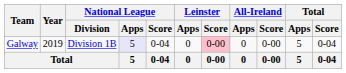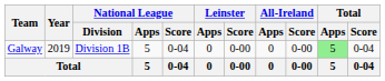 <table class="wikitable" style="text-align:center">
 <tr>
 <th rowspan="2">Team</th>
 <th rowspan="2">Year</th>
 <th colspan="3"><a href='#'>National League</a></th>
 <th colspan="2"><a href='#'>Leinster</a></th>
 <th colspan="2"><a href='#'>All-Ireland</a></th>
 <th colspan="2">Total</th>
 </tr>
 <tr>
 <th>Division</th>
 <th>Apps</th>
 <th>Score</th>
 <th>Apps</th>
 <th>Score</th>
 <th>Apps</th>
 <th>Score</th>
 <th>Apps</th>
 <th>Score</th>
 </tr>
 <tr>
 <td rowspan="1"><a href='#'>Galway</a></td>
 <td>2019</td>
 <td rowspan="1"><a href='#'>Division 1B</a></td>
-<td style="background: lavender;">5</td>
+<td>5</td>
 <td>0-04</td>
 <td>0</td>
-<td style="background: pink;">0-00</td>
+<td>0-00</td>
 <td>0</td>
 <td>0-00</td>
-<td>5</td>
+<td style="background: lightgreen;">5</td>
 <td>0-04</td>
 </tr>
 <tr>
 <th colspan="3">Total</th>
 <th>5</th>
 <th>0-04</th>
 <th>0</th>
 <th>0-00</th>
 <th>0</th>
 <th>0-00</th>
 <th>5</th>
 <th>0-04</th>
 </tr>
 </table>
